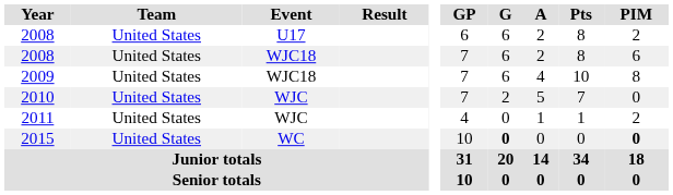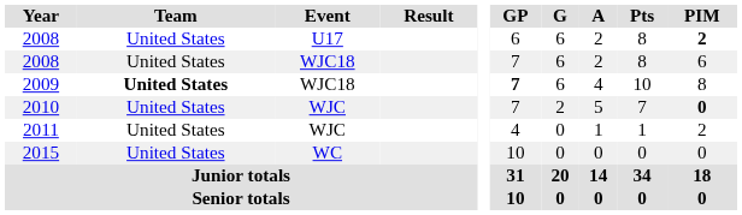 <table border="0" cellpadding="1" cellspacing="0" style="text-align:center; width:40em">
 <tr ALIGN="center" bgcolor="#e0e0e0">
 <th>Year</th>
 <th>Team</th>
 <th>Event</th>
 <th>Result</th>
 <th rowspan="99" bgcolor="#ffffff"> </th>
 <th>GP</th>
 <th>G</th>
 <th>A</th>
 <th>Pts</th>
 <th>PIM</th>
 </tr>
 <tr>
 <td><a href='#'>2008</a></td>
 <td><a href='#'>United States</a></td>
 <td><a href='#'>U17</a></td>
 <td></td>
 <td>6</td>
 <td>6</td>
 <td>2</td>
 <td>8</td>
-<td>2</td>
+<td><strong>2</strong></td>
 </tr>
 <tr style="background:#f0f0f0;">
 <td><a href='#'>2008</a></td>
 <td>United States</td>
 <td><a href='#'>WJC18</a></td>
 <td></td>
 <td>7</td>
 <td>6</td>
 <td>2</td>
 <td>8</td>
 <td>6</td>
 </tr>
 <tr>
 <td><a href='#'>2009</a></td>
-<td>United States</td>
+<td><strong>United States</strong></td>
 <td>WJC18</td>
 <td></td>
-<td>7</td>
+<td><strong>7</strong></td>
 <td>6</td>
 <td>4</td>
 <td>10</td>
 <td>8</td>
 </tr>
 <tr style="background:#f0f0f0;">
 <td><a href='#'>2010</a></td>
 <td><a href='#'>United States</a></td>
 <td><a href='#'>WJC</a></td>
 <td></td>
 <td>7</td>
 <td>2</td>
 <td>5</td>
 <td>7</td>
-<td>0</td>
+<td><strong>0</strong></td>
 </tr>
 <tr>
 <td><a href='#'>2011</a></td>
 <td>United States</td>
 <td>WJC</td>
 <td></td>
 <td>4</td>
 <td>0</td>
 <td>1</td>
 <td>1</td>
 <td>2</td>
 </tr>
 <tr style="background:#f0f0f0;">
 <td><a href='#'>2015</a></td>
 <td><a href='#'>United States</a></td>
 <td><a href='#'>WC</a></td>
 <td></td>
 <td>10</td>
-<td><strong>0</strong></td>
 <td>0</td>
 <td>0</td>
-<td><strong>0</strong></td>
+<td>0</td>
+<td>0</td>
 </tr>
 <tr bgcolor="#e0e0e0">
 <th colspan=4>Junior totals</th>
 <th>31</th>
 <th>20</th>
 <th>14</th>
 <th>34</th>
 <th>18</th>
 </tr>
 <tr bgcolor="#e0e0e0">
 <th colspan=4>Senior totals</th>
 <th>10</th>
 <th>0</th>
 <th>0</th>
 <th>0</th>
 <th>0</th>
 </tr>
 </table>
